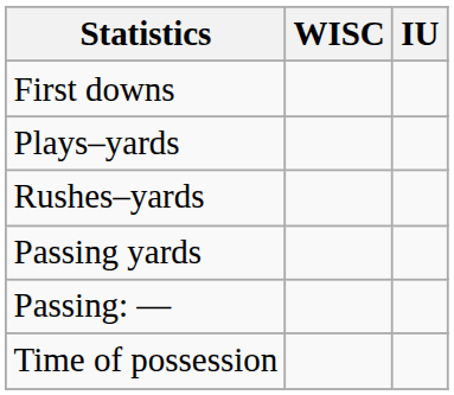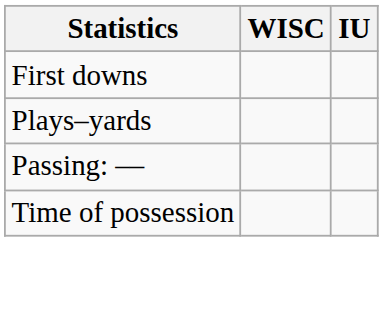 <table class="wikitable" style="float:left">
 <tr>
 <th>Statistics</th>
 <th>WISC</th>
 <th>IU</th>
 </tr>
 <tr>
 <td>First downs</td>
 <td></td>
 <td></td>
 </tr>
 <tr>
 <td>Plays–yards</td>
 <td></td>
 <td></td>
 </tr>
 <tr>
-<td>Rushes–yards</td>
-<td></td>
-<td></td>
-</tr>
-<tr>
-<td>Passing yards</td>
-<td></td>
-<td></td>
-</tr>
-<tr>
 <td>Passing: ––</td>
 <td></td>
 <td></td>
 </tr>
 <tr>
 <td>Time of possession</td>
 <td></td>
 <td></td>
 </tr>
 </table>
